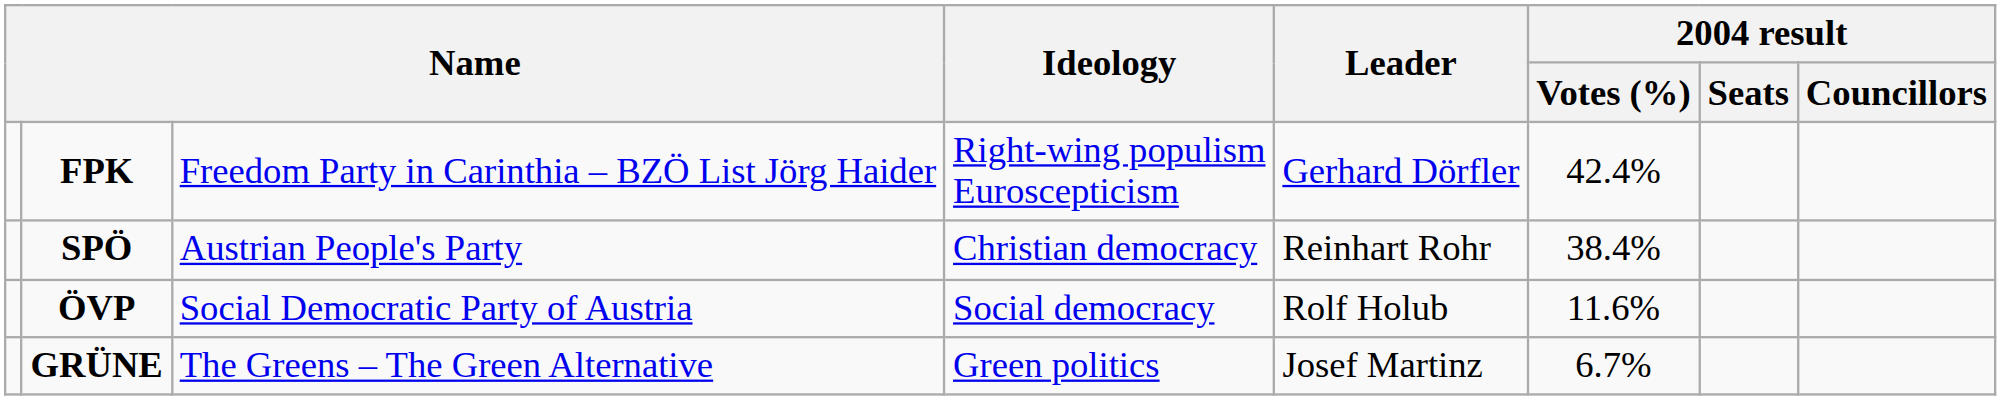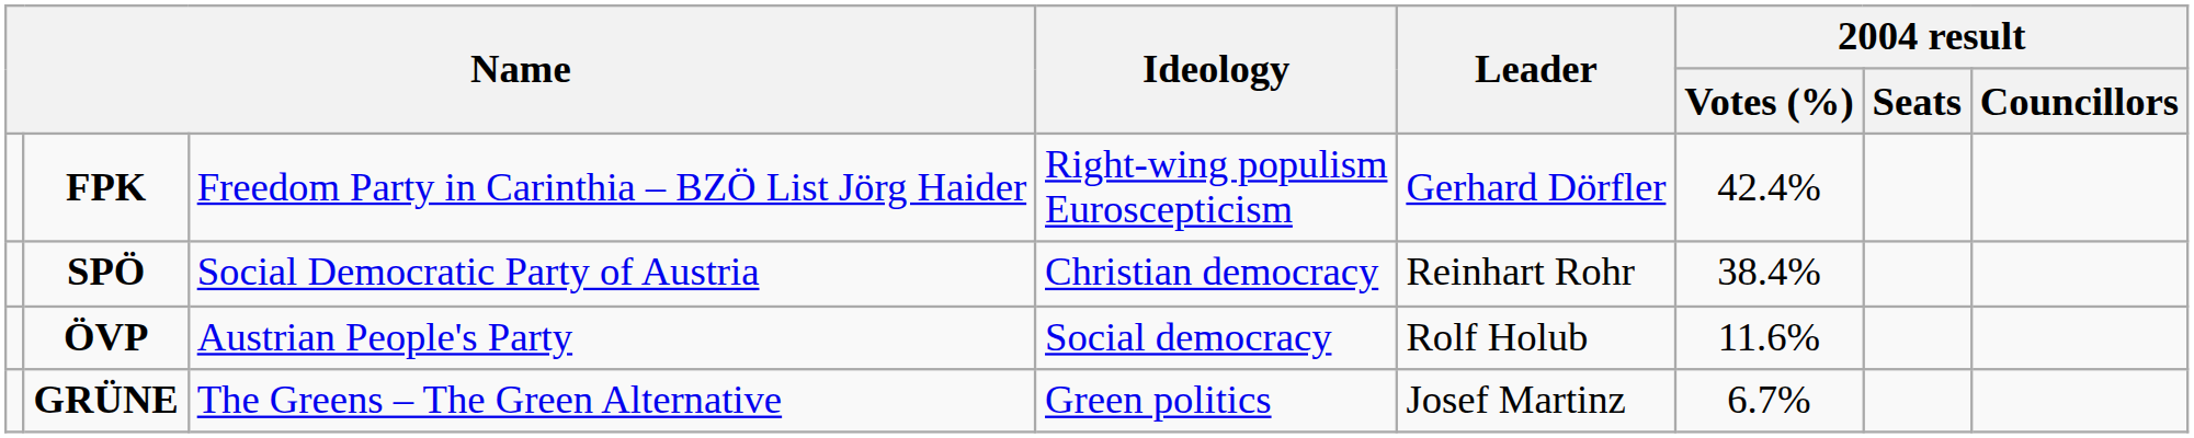 <table class="wikitable">
 <tr>
 <th rowspan="2" colspan="3">Name</th>
 <th rowspan="2">Ideology</th>
 <th rowspan="2">Leader</th>
 <th colspan="3">2004 result</th>
 </tr>
 <tr>
 <th>Votes (%)</th>
 <th>Seats</th>
 <th>Councillors</th>
 </tr>
 <tr>
 <td style="background:"></td>
 <td style="text-align:center;"><strong>FPK</strong></td>
 <td><a href='#'>Freedom Party in Carinthia – BZÖ List Jörg Haider</a><br></td>
 <td><a href='#'>Right-wing populism</a><br><a href='#'>Euroscepticism</a></td>
 <td><a href='#'>Gerhard Dörfler</a></td>
 <td style="text-align:center;">42.4%</td>
 <td></td>
 <td></td>
 </tr>
 <tr>
 <td style="background:"></td>
 <td style="text-align:center;"><strong>SPÖ</strong></td>
-<td><a href='#'>Austrian People's Party</a><br></td>
+<td><a href='#'>Social Democratic Party of Austria</a><br></td>
 <td><a href='#'>Christian democracy</a></td>
 <td>Reinhart Rohr</td>
 <td style="text-align:center;">38.4%</td>
 <td></td>
 <td></td>
 </tr>
 <tr>
 <td style="background:"></td>
 <td style="text-align:center;"><strong>ÖVP</strong></td>
-<td><a href='#'>Social Democratic Party of Austria</a><br></td>
+<td><a href='#'>Austrian People's Party</a><br></td>
 <td><a href='#'>Social democracy</a></td>
 <td>Rolf Holub</td>
 <td style="text-align:center;">11.6%</td>
 <td></td>
 <td></td>
 </tr>
 <tr>
 <td style="background:"></td>
 <td style="text-align:center;"><strong>GRÜNE</strong></td>
 <td><a href='#'>The Greens – The Green Alternative</a><br></td>
 <td><a href='#'>Green politics</a></td>
 <td>Josef Martinz</td>
 <td style="text-align:center;">6.7%</td>
 <td></td>
 </tr>
 </table>
